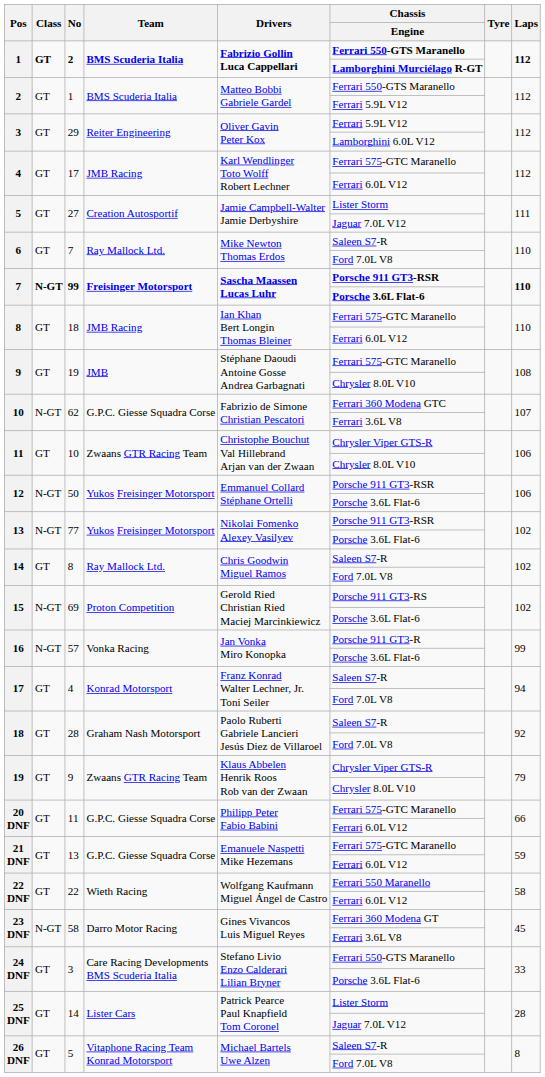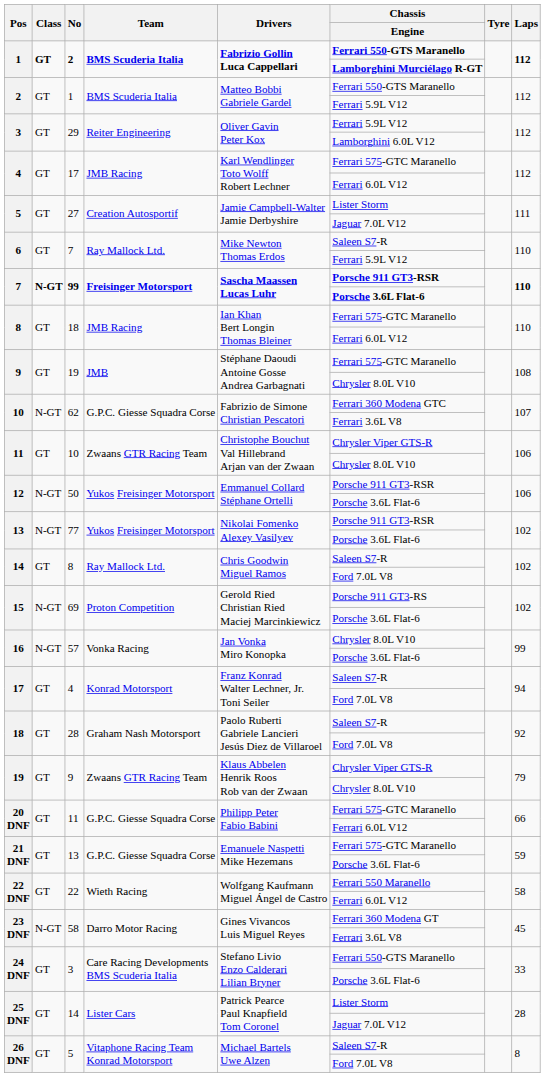 <table class="wikitable" style="font-size: 95%;">
 <tr>
 <th rowspan=2>Pos</th>
 <th rowspan=2>Class</th>
 <th rowspan=2>No</th>
 <th rowspan=2>Team</th>
 <th rowspan=2>Drivers</th>
 <th>Chassis</th>
 <th rowspan=2>Tyre</th>
 <th rowspan=2>Laps</th>
 </tr>
 <tr>
 <th>Engine</th>
 </tr>
 <tr style="font-weight:bold">
 <th rowspan=2>1</th>
 <td rowspan=2>GT</td>
 <td rowspan=2>2</td>
 <td rowspan=2> <a href='#'>BMS Scuderia Italia</a></td>
 <td rowspan=2> <a href='#'>Fabrizio Gollin</a><br> Luca Cappellari</td>
 <td><a href='#'>Ferrari 550</a>-GTS Maranello</td>
 <td rowspan=2></td>
 <td rowspan=2>112</td>
 </tr>
 <tr style="font-weight:bold">
 <td><a href='#'>Lamborghini Murciélago</a> R-GT</td>
 </tr>
 <tr>
 <th rowspan=2>2</th>
 <td rowspan=2>GT</td>
 <td rowspan=2>1</td>
 <td rowspan=2> <a href='#'>BMS Scuderia Italia</a></td>
 <td rowspan=2> <a href='#'>Matteo Bobbi</a><br> <a href='#'>Gabriele Gardel</a></td>
 <td><a href='#'>Ferrari 550</a>-GTS Maranello</td>
 <td rowspan=2></td>
 <td rowspan=2>112</td>
 </tr>
 <tr>
 <td><a href='#'>Ferrari</a> 5.9L V12</td>
 </tr>
 <tr>
 <th rowspan=2>3</th>
 <td rowspan=2>GT</td>
 <td rowspan=2>29</td>
 <td rowspan=2> <a href='#'>Reiter Engineering</a></td>
 <td rowspan=2> <a href='#'>Oliver Gavin</a><br> <a href='#'>Peter Kox</a></td>
 <td><a href='#'>Ferrari</a> 5.9L V12</td>
 <td rowspan=2></td>
 <td rowspan=2>112</td>
 </tr>
 <tr>
 <td><a href='#'>Lamborghini</a> 6.0L V12</td>
 </tr>
 <tr>
 <th rowspan=2>4</th>
 <td rowspan=2>GT</td>
 <td rowspan=2>17</td>
 <td rowspan=2> <a href='#'>JMB Racing</a></td>
 <td rowspan=2> <a href='#'>Karl Wendlinger</a><br> <a href='#'>Toto Wolff</a><br> Robert Lechner</td>
 <td><a href='#'>Ferrari 575</a>-GTC Maranello</td>
 <td rowspan=2></td>
 <td rowspan=2>112</td>
 </tr>
 <tr>
 <td><a href='#'>Ferrari</a> 6.0L V12</td>
 </tr>
 <tr>
 <th rowspan=2>5</th>
 <td rowspan=2>GT</td>
 <td rowspan=2>27</td>
 <td rowspan=2> <a href='#'>Creation Autosportif</a></td>
 <td rowspan=2> <a href='#'>Jamie Campbell-Walter</a><br> Jamie Derbyshire</td>
 <td><a href='#'>Lister Storm</a></td>
 <td rowspan=2></td>
 <td rowspan=2>111</td>
 </tr>
 <tr>
 <td><a href='#'>Jaguar</a> 7.0L V12</td>
 </tr>
 <tr>
 <th rowspan=2>6</th>
 <td rowspan=2>GT</td>
 <td rowspan=2>7</td>
 <td rowspan=2> <a href='#'>Ray Mallock Ltd.</a></td>
 <td rowspan=2> <a href='#'>Mike Newton</a><br> <a href='#'>Thomas Erdos</a></td>
 <td><a href='#'>Saleen S7</a>-R</td>
 <td rowspan=2></td>
 <td rowspan=2>110</td>
 </tr>
 <tr>
-<td><a href='#'>Ford</a> 7.0L V8</td>
+<td><a href='#'>Ferrari</a> 5.9L V12</td>
 </tr>
 <tr style="font-weight:bold">
 <th rowspan=2>7</th>
 <td rowspan=2>N-GT</td>
 <td rowspan=2>99</td>
 <td rowspan=2> <a href='#'>Freisinger Motorsport</a></td>
 <td rowspan=2> <a href='#'>Sascha Maassen</a><br> <a href='#'>Lucas Luhr</a></td>
 <td><a href='#'>Porsche 911 GT3</a>-RSR</td>
 <td rowspan=2></td>
 <td rowspan=2>110</td>
 </tr>
 <tr style="font-weight:bold">
 <td><a href='#'>Porsche</a> 3.6L Flat-6</td>
 </tr>
 <tr>
 <th rowspan=2>8</th>
 <td rowspan=2>GT</td>
 <td rowspan=2>18</td>
 <td rowspan=2> <a href='#'>JMB Racing</a></td>
 <td rowspan=2> <a href='#'>Ian Khan</a><br> Bert Longin<br> <a href='#'>Thomas Bleiner</a></td>
 <td><a href='#'>Ferrari 575</a>-GTC Maranello</td>
 <td rowspan=2></td>
 <td rowspan=2>110</td>
 </tr>
 <tr>
 <td><a href='#'>Ferrari</a> 6.0L V12</td>
 </tr>
 <tr>
 <th rowspan=2>9</th>
 <td rowspan=2>GT</td>
 <td rowspan=2>19</td>
 <td rowspan=2> <a href='#'>JMB</a></td>
 <td rowspan=2> Stéphane Daoudi<br> Antoine Gosse<br> Andrea Garbagnati</td>
 <td><a href='#'>Ferrari 575</a>-GTC Maranello</td>
 <td rowspan=2></td>
 <td rowspan=2>108</td>
 </tr>
 <tr>
 <td><a href='#'>Chrysler</a> 8.0L V10</td>
 </tr>
 <tr>
 <th rowspan=2>10</th>
 <td rowspan=2>N-GT</td>
 <td rowspan=2>62</td>
 <td rowspan=2> G.P.C. Giesse Squadra Corse</td>
 <td rowspan=2> Fabrizio de Simone<br> <a href='#'>Christian Pescatori</a></td>
 <td><a href='#'>Ferrari 360 Modena</a> GTC</td>
 <td rowspan=2></td>
 <td rowspan=2>107</td>
 </tr>
 <tr>
 <td><a href='#'>Ferrari</a> 3.6L V8</td>
 </tr>
 <tr>
 <th rowspan=2>11</th>
 <td rowspan=2>GT</td>
 <td rowspan=2>10</td>
 <td rowspan=2> Zwaans <a href='#'>GTR Racing</a> Team</td>
 <td rowspan=2> <a href='#'>Christophe Bouchut</a><br> Val Hillebrand<br> Arjan van der Zwaan</td>
 <td><a href='#'>Chrysler Viper GTS-R</a></td>
 <td rowspan=2></td>
 <td rowspan=2>106</td>
 </tr>
 <tr>
 <td><a href='#'>Chrysler</a> 8.0L V10</td>
 </tr>
 <tr>
 <th rowspan=2>12</th>
 <td rowspan=2>N-GT</td>
 <td rowspan=2>50</td>
 <td rowspan=2> <a href='#'>Yukos</a> <a href='#'>Freisinger Motorsport</a></td>
 <td rowspan=2> <a href='#'>Emmanuel Collard</a><br> <a href='#'>Stéphane Ortelli</a></td>
 <td><a href='#'>Porsche 911 GT3</a>-RSR</td>
 <td rowspan=2></td>
 <td rowspan=2>106</td>
 </tr>
 <tr>
 <td><a href='#'>Porsche</a> 3.6L Flat-6</td>
 </tr>
 <tr>
 <th rowspan=2>13</th>
 <td rowspan=2>N-GT</td>
 <td rowspan=2>77</td>
 <td rowspan=2> <a href='#'>Yukos</a> <a href='#'>Freisinger Motorsport</a></td>
 <td rowspan=2> <a href='#'>Nikolai Fomenko</a><br> <a href='#'>Alexey Vasilyev</a></td>
 <td><a href='#'>Porsche 911 GT3</a>-RSR</td>
 <td rowspan=2></td>
 <td rowspan=2>102</td>
 </tr>
 <tr>
 <td><a href='#'>Porsche</a> 3.6L Flat-6</td>
 </tr>
 <tr>
 <th rowspan=2>14</th>
 <td rowspan=2>GT</td>
 <td rowspan=2>8</td>
 <td rowspan=2> <a href='#'>Ray Mallock Ltd.</a></td>
 <td rowspan=2> <a href='#'>Chris Goodwin</a><br> <a href='#'>Miguel Ramos</a></td>
 <td><a href='#'>Saleen S7</a>-R</td>
 <td rowspan=2></td>
 <td rowspan=2>102</td>
 </tr>
 <tr>
 <td><a href='#'>Ford</a> 7.0L V8</td>
 </tr>
 <tr>
 <th rowspan=2>15</th>
 <td rowspan=2>N-GT</td>
 <td rowspan=2>69</td>
 <td rowspan=2> <a href='#'>Proton Competition</a></td>
 <td rowspan=2> Gerold Ried<br> Christian Ried<br> Maciej Marcinkiewicz</td>
 <td><a href='#'>Porsche 911 GT3</a>-RS</td>
 <td rowspan=2></td>
 <td rowspan=2>102</td>
 </tr>
 <tr>
 <td><a href='#'>Porsche</a> 3.6L Flat-6</td>
 </tr>
 <tr>
 <th rowspan=2>16</th>
 <td rowspan=2>N-GT</td>
 <td rowspan=2>57</td>
 <td rowspan=2> Vonka Racing</td>
 <td rowspan=2> <a href='#'>Jan Vonka</a><br> Miro Konopka</td>
-<td><a href='#'>Porsche 911 GT3</a>-R</td>
+<td><a href='#'>Chrysler</a> 8.0L V10</td>
 <td rowspan=2></td>
 <td rowspan=2>99</td>
 </tr>
 <tr>
 <td><a href='#'>Porsche</a> 3.6L Flat-6</td>
 </tr>
 <tr>
 <th rowspan=2>17</th>
 <td rowspan=2>GT</td>
 <td rowspan=2>4</td>
 <td rowspan=2> <a href='#'>Konrad Motorsport</a></td>
 <td rowspan=2> <a href='#'>Franz Konrad</a><br> Walter Lechner, Jr.<br> Toni Seiler</td>
 <td><a href='#'>Saleen S7</a>-R</td>
 <td rowspan=2></td>
 <td rowspan=2>94</td>
 </tr>
 <tr>
 <td><a href='#'>Ford</a> 7.0L V8</td>
 </tr>
 <tr>
 <th rowspan=2>18</th>
 <td rowspan=2>GT</td>
 <td rowspan=2>28</td>
 <td rowspan=2> Graham Nash Motorsport</td>
 <td rowspan=2> Paolo Ruberti<br> Gabriele Lancieri<br> Jesús Diez de Villaroel</td>
 <td><a href='#'>Saleen S7</a>-R</td>
 <td rowspan=2></td>
 <td rowspan=2>92</td>
 </tr>
 <tr>
 <td><a href='#'>Ford</a> 7.0L V8</td>
 </tr>
 <tr>
 <th rowspan=2>19</th>
 <td rowspan=2>GT</td>
 <td rowspan=2>9</td>
 <td rowspan=2> Zwaans <a href='#'>GTR Racing</a> Team</td>
 <td rowspan=2> <a href='#'>Klaus Abbelen</a><br> Henrik Roos<br> Rob van der Zwaan</td>
 <td><a href='#'>Chrysler Viper GTS-R</a></td>
 <td rowspan=2></td>
 <td rowspan=2>79</td>
 </tr>
 <tr>
 <td><a href='#'>Chrysler</a> 8.0L V10</td>
 </tr>
 <tr>
 <th rowspan=2>20<br>DNF</th>
 <td rowspan=2>GT</td>
 <td rowspan=2>11</td>
 <td rowspan=2> G.P.C. Giesse Squadra Corse</td>
 <td rowspan=2> <a href='#'>Philipp Peter</a><br> <a href='#'>Fabio Babini</a></td>
 <td><a href='#'>Ferrari 575</a>-GTC Maranello</td>
 <td rowspan=2></td>
 <td rowspan=2>66</td>
 </tr>
 <tr>
 <td><a href='#'>Ferrari</a> 6.0L V12</td>
 </tr>
 <tr>
 <th rowspan=2>21<br>DNF</th>
 <td rowspan=2>GT</td>
 <td rowspan=2>13</td>
 <td rowspan=2> G.P.C. Giesse Squadra Corse</td>
 <td rowspan=2> <a href='#'>Emanuele Naspetti</a><br> Mike Hezemans</td>
 <td><a href='#'>Ferrari 575</a>-GTC Maranello</td>
 <td rowspan=2></td>
 <td rowspan=2>59</td>
 </tr>
 <tr>
-<td><a href='#'>Ferrari</a> 6.0L V12</td>
+<td><a href='#'>Porsche</a> 3.6L Flat-6</td>
 </tr>
 <tr>
 <th rowspan=2>22<br>DNF</th>
 <td rowspan=2>GT</td>
 <td rowspan=2>22</td>
 <td rowspan=2> Wieth Racing</td>
 <td rowspan=2> Wolfgang Kaufmann<br> Miguel Ángel de Castro</td>
 <td><a href='#'>Ferrari 550 Maranello</a></td>
 <td rowspan=2></td>
 <td rowspan=2>58</td>
 </tr>
 <tr>
 <td><a href='#'>Ferrari</a> 6.0L V12</td>
 </tr>
 <tr>
 <th rowspan=2>23<br>DNF</th>
 <td rowspan=2>N-GT</td>
 <td rowspan=2>58</td>
 <td rowspan=2> Darro Motor Racing</td>
 <td rowspan=2> Gines Vivancos<br> Luis Miguel Reyes</td>
 <td><a href='#'>Ferrari 360 Modena</a> GT</td>
 <td rowspan=2></td>
 <td rowspan=2>45</td>
 </tr>
 <tr>
 <td><a href='#'>Ferrari</a> 3.6L V8</td>
 </tr>
 <tr>
 <th rowspan=2>24<br>DNF</th>
 <td rowspan=2>GT</td>
 <td rowspan=2>3</td>
 <td rowspan=2> Care Racing Developments<br> <a href='#'>BMS Scuderia Italia</a></td>
 <td rowspan=2> Stefano Livio<br> <a href='#'>Enzo Calderari</a><br> <a href='#'>Lilian Bryner</a></td>
 <td><a href='#'>Ferrari 550</a>-GTS Maranello</td>
 <td rowspan=2></td>
 <td rowspan=2>33</td>
 </tr>
 <tr>
 <td><a href='#'>Porsche</a> 3.6L Flat-6</td>
 </tr>
 <tr>
 <th rowspan=2>25<br>DNF</th>
 <td rowspan=2>GT</td>
 <td rowspan=2>14</td>
 <td rowspan=2> <a href='#'>Lister Cars</a></td>
 <td rowspan=2> Patrick Pearce<br> Paul Knapfield<br> <a href='#'>Tom Coronel</a></td>
 <td><a href='#'>Lister Storm</a></td>
 <td rowspan=2></td>
 <td rowspan=2>28</td>
 </tr>
 <tr>
 <td><a href='#'>Jaguar</a> 7.0L V12</td>
 </tr>
 <tr>
 <th rowspan=2>26<br>DNF</th>
 <td rowspan=2>GT</td>
 <td rowspan=2>5</td>
 <td rowspan=2> <a href='#'>Vitaphone Racing Team</a><br> <a href='#'>Konrad Motorsport</a></td>
 <td rowspan=2> <a href='#'>Michael Bartels</a><br> <a href='#'>Uwe Alzen</a></td>
 <td><a href='#'>Saleen S7</a>-R</td>
 <td rowspan=2></td>
 <td rowspan=2>8</td>
 </tr>
 <tr>
 <td><a href='#'>Ford</a> 7.0L V8</td>
 </tr>
 </table>
